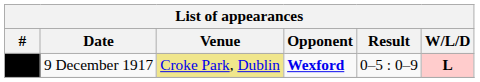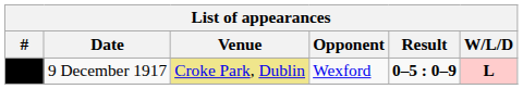 <table class= wikitable>
 <tr align="center">
 <th colspan="8">List of appearances</th>
 </tr>
 <tr align="center">
 <th width=30 style="text-align: center;">#</th>
 <th>Date</th>
 <th>Venue</th>
 <th>Opponent</th>
 <th>Result</th>
 <th>W/L/D</th>
 </tr>
 <tr>
 <td style="text-align: center;" bgcolor=" "><strong>1</strong></td>
 <td>9 December 1917</td>
 <td style="background: khaki;"><a href='#'>Croke Park</a>, <a href='#'>Dublin</a></td>
-<td><strong><a href='#'>Wexford</a></strong></td>
-<td style="text-align: center;">0–5 : 0–9</td>
+<td><a href='#'>Wexford</a></td>
+<td style="text-align: center;"><strong>0–5 : 0–9</strong></td>
 <td style="text-align: center;" bgcolor=#FFCCCC><strong>L</strong></td>
 </tr>
 <tr>
 </tr>
 </table>
